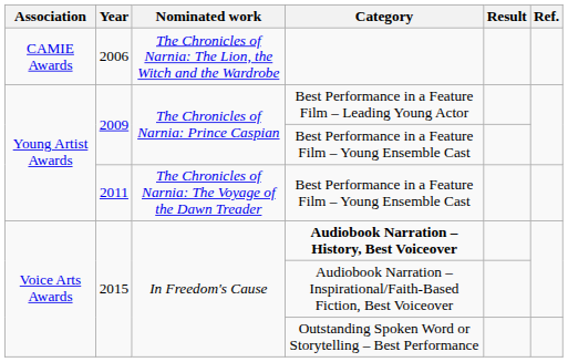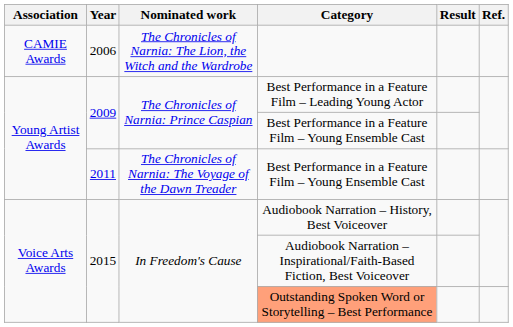 <table class="wikitable sortable plainrowheaders" style="text-align:center;">
 <tr>
 <th>Association</th>
 <th>Year</th>
 <th>Nominated work</th>
 <th>Category</th>
 <th>Result</th>
 <th>Ref.</th>
 </tr>
 <tr>
 <td><a href='#'>CAMIE Awards</a></td>
 <td>2006</td>
 <td><em><a href='#'>The Chronicles of Narnia: The Lion, the Witch and the Wardrobe</a></em></td>
 <td></td>
 <td></td>
 <td></td>
 </tr>
 <tr>
 <td rowspan=3><a href='#'>Young Artist Awards</a></td>
 <td rowspan=2><a href='#'>2009</a></td>
 <td rowspan=2><em><a href='#'>The Chronicles of Narnia: Prince Caspian</a></em></td>
 <td>Best Performance in a Feature Film – Leading Young Actor</td>
 <td></td>
 <td rowspan=2></td>
 </tr>
 <tr>
 <td>Best Performance in a Feature Film – Young Ensemble Cast</td>
 <td></td>
 </tr>
 <tr>
 <td><a href='#'>2011</a></td>
 <td><em><a href='#'>The Chronicles of Narnia: The Voyage of the Dawn Treader</a></em></td>
 <td>Best Performance in a Feature Film – Young Ensemble Cast</td>
 <td></td>
 <td></td>
 </tr>
 <tr>
 <td rowspan=3><a href='#'>Voice Arts Awards</a></td>
 <td rowspan="3">2015</td>
 <td rowspan="3"><em>In Freedom's Cause</em></td>
-<td><strong>Audiobook Narration – History, Best Voiceover</strong></td>
+<td>Audiobook Narration – History, Best Voiceover</td>
 <td></td>
 <td rowspan="2"></td>
 </tr>
 <tr>
 <td>Audiobook Narration – Inspirational/Faith-Based Fiction, Best Voiceover</td>
 <td></td>
 </tr>
 <tr>
-<td>Outstanding Spoken Word or Storytelling – Best Performance</td>
+<td style="background: lightsalmon;">Outstanding Spoken Word or Storytelling – Best Performance</td>
 <td></td>
 <td></td>
 </tr>
 </table>
